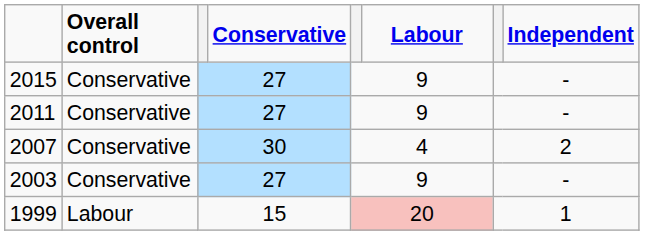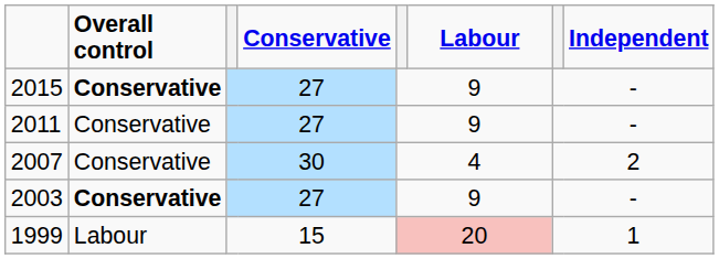 <table class="wikitable" style="text-align:left; padding-left:1em; font-size: 95%">
 <tr>
 <td width=32></td>
 <td width=90><strong>Overall control</strong></td>
 <th style="background-color: "></th>
 <td width=87 align="center"><strong><a href='#'>Conservative</a></strong></td>
 <th style="background-color: "></th>
 <td width=87 align="center"><strong><a href='#'>Labour</a></strong></td>
 <th style="background-color: "></th>
 <td width=87 align="center"><strong><a href='#'>Independent</a></strong></td>
 </tr>
 <tr>
 <td>2015</td>
-<td style="background:">Conservative</td>
+<td style="background:"><strong>Conservative</strong></td>
 <td colspan=2 align="center" style="background:#B3E0FF">27</td>
 <td colspan=2 align="center">9</td>
 <td colspan=2 align="center">-</td>
 </tr>
 <tr>
 <td>2011</td>
 <td style="background:">Conservative</td>
 <td colspan=2 align="center" style="background:#B3E0FF">27</td>
 <td colspan=2 align="center">9</td>
 <td colspan=2 align="center">-</td>
 </tr>
 <tr>
 <td>2007</td>
 <td style="background:">Conservative</td>
 <td colspan=2 align="center" style="background:#B3E0FF">30</td>
 <td colspan=2 align="center">4</td>
 <td colspan=2 align="center">2</td>
 </tr>
 <tr>
 <td>2003</td>
-<td style="background:">Conservative</td>
+<td style="background:"><strong>Conservative</strong></td>
 <td colspan=2 align="center" style="background:#B3E0FF">27</td>
 <td colspan=2 align="center">9</td>
 <td colspan=2 align="center">-</td>
 </tr>
 <tr>
 <td>1999</td>
 <td style="background:">Labour</td>
 <td colspan=2 align="center">15</td>
 <td colspan=2 align="center" style="background:#F8C1BE">20</td>
 <td colspan=2 align="center">1</td>
 </tr>
 </table>
